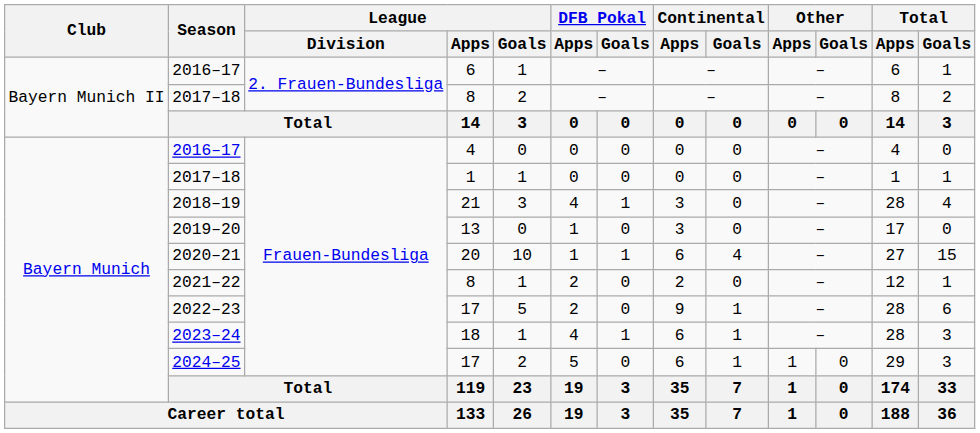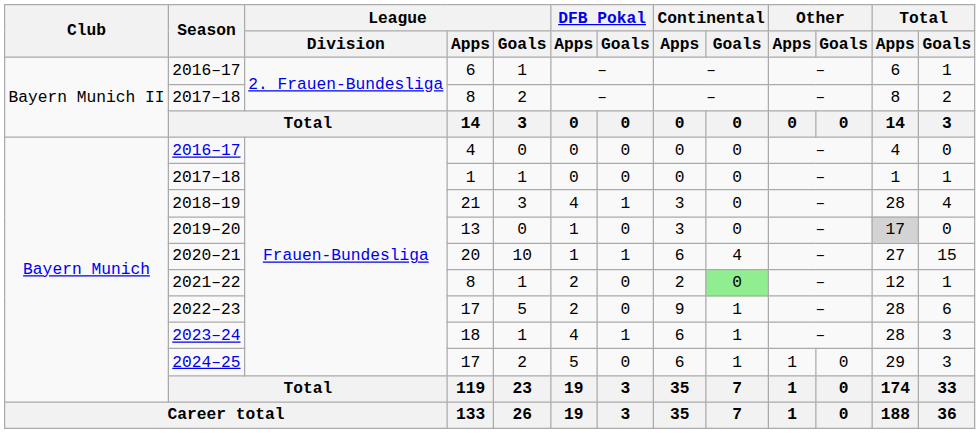 <table class="wikitable" style="text-align:center">
 <tr>
 <th rowspan="2">Club</th>
 <th rowspan="2">Season</th>
 <th colspan="3">League</th>
 <th colspan="2"><a href='#'>DFB Pokal</a></th>
 <th colspan="2">Continental</th>
 <th colspan="2">Other</th>
 <th colspan="2">Total</th>
 </tr>
 <tr>
 <th>Division</th>
 <th>Apps</th>
 <th>Goals</th>
 <th>Apps</th>
 <th>Goals</th>
 <th>Apps</th>
 <th>Goals</th>
 <th>Apps</th>
 <th>Goals</th>
 <th>Apps</th>
 <th>Goals</th>
 </tr>
 <tr>
 <td rowspan="3">Bayern Munich II</td>
 <td>2016–17</td>
 <td rowspan="2"><a href='#'>2. Frauen-Bundesliga</a></td>
 <td>6</td>
 <td>1</td>
 <td colspan="2">–</td>
 <td colspan="2">–</td>
 <td colspan="2">–</td>
 <td>6</td>
 <td>1</td>
 </tr>
 <tr>
 <td>2017–18</td>
 <td>8</td>
 <td>2</td>
 <td colspan="2">–</td>
 <td colspan="2">–</td>
 <td colspan="2">–</td>
 <td>8</td>
 <td>2</td>
 </tr>
 <tr>
 <th colspan="2">Total</th>
 <th>14</th>
 <th>3</th>
 <th>0</th>
 <th>0</th>
 <th>0</th>
 <th>0</th>
 <th>0</th>
 <th>0</th>
 <th>14</th>
 <th>3</th>
 </tr>
 <tr>
 <td rowspan="10"><a href='#'>Bayern Munich</a></td>
 <td 2016–17><a href='#'>2016–17</a></td>
 <td rowspan="9"><a href='#'>Frauen-Bundesliga</a></td>
 <td>4</td>
 <td>0</td>
 <td>0</td>
 <td>0</td>
 <td>0</td>
 <td>0</td>
 <td colspan="2">–</td>
 <td>4</td>
 <td>0</td>
 </tr>
 <tr>
 <td>2017–18</td>
 <td>1</td>
 <td>1</td>
 <td>0</td>
 <td>0</td>
 <td>0</td>
 <td>0</td>
 <td colspan="2">–</td>
 <td>1</td>
 <td>1</td>
 </tr>
 <tr>
 <td>2018–19</td>
 <td>21</td>
 <td>3</td>
 <td>4</td>
 <td>1</td>
 <td>3</td>
 <td>0</td>
 <td colspan="2">–</td>
 <td>28</td>
 <td>4</td>
 </tr>
 <tr>
 <td>2019–20</td>
 <td>13</td>
 <td>0</td>
 <td>1</td>
 <td>0</td>
 <td>3</td>
 <td>0</td>
 <td colspan="2">–</td>
-<td>17</td>
+<td style="background: lightgrey;">17</td>
 <td>0</td>
 </tr>
 <tr>
 <td>2020–21</td>
 <td>20</td>
 <td>10</td>
 <td>1</td>
 <td>1</td>
 <td>6</td>
 <td>4</td>
 <td colspan="2">–</td>
 <td>27</td>
 <td>15</td>
 </tr>
 <tr>
 <td>2021–22</td>
 <td>8</td>
 <td>1</td>
 <td>2</td>
 <td>0</td>
 <td>2</td>
-<td>0</td>
+<td style="background: lightgreen;">0</td>
 <td colspan="2">–</td>
 <td>12</td>
 <td>1</td>
 </tr>
 <tr>
 <td>2022–23</td>
 <td>17</td>
 <td>5</td>
 <td>2</td>
 <td>0</td>
 <td>9</td>
 <td>1</td>
 <td colspan="2">–</td>
 <td>28</td>
 <td>6</td>
 </tr>
 <tr>
 <td><a href='#'>2023–24</a></td>
 <td>18</td>
 <td>1</td>
 <td>4</td>
 <td>1</td>
 <td>6</td>
 <td>1</td>
 <td colspan="2">–</td>
 <td>28</td>
 <td>3</td>
 </tr>
 <tr>
 <td><a href='#'>2024–25</a></td>
 <td>17</td>
 <td>2</td>
 <td>5</td>
 <td>0</td>
 <td>6</td>
 <td>1</td>
 <td>1</td>
 <td>0</td>
 <td>29</td>
 <td>3</td>
 </tr>
 <tr>
 <th colspan="2">Total</th>
 <th>119</th>
 <th>23</th>
 <th>19</th>
 <th>3</th>
 <th>35</th>
 <th>7</th>
 <th>1</th>
 <th>0</th>
 <th>174</th>
 <th>33</th>
 </tr>
 <tr>
 <th colspan="3">Career total</th>
 <th>133</th>
 <th>26</th>
 <th>19</th>
 <th>3</th>
 <th>35</th>
 <th>7</th>
 <th>1</th>
 <th>0</th>
 <th>188</th>
 <th>36</th>
 </tr>
 </table>
